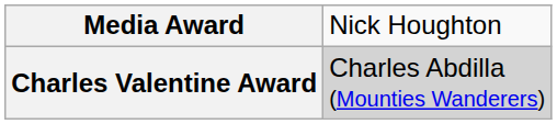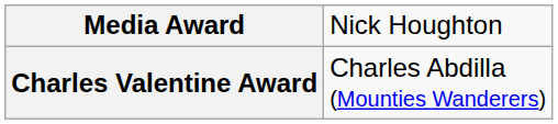 <table class="wikitable">
 <tr>
 <th>Media Award</th>
 <td>Nick Houghton</td>
 </tr>
 <tr>
 <th>Charles Valentine Award</th>
-<td style="background: lightgrey;">Charles Abdilla<br><small>(<a href='#'>Mounties Wanderers</a>)</small></td>
+<td>Charles Abdilla<br><small>(<a href='#'>Mounties Wanderers</a>)</small></td>
 </tr>
 </table>
